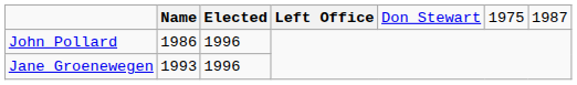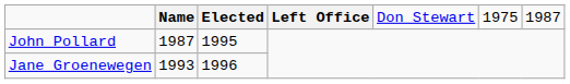 <table class="wikitable">
 <tr>
 <td> </td>
 <th><strong>Name </strong></th>
 <th><strong>Elected</strong></th>
 <th><strong>Left Office</strong><br> </th>
 <td><a href='#'>Don Stewart</a></td>
 <td>1975</td>
 <td>1987</td>
 </tr>
 <tr>
 <td><a href='#'>John Pollard</a></td>
-<td>1986</td>
-<td>1996</td>
+<td>1987</td>
+<td>1995</td>
 </tr>
 <tr>
 <td><a href='#'>Jane Groenewegen</a></td>
 <td>1993</td>
 <td>1996<br></td>
 </tr>
 </table>
